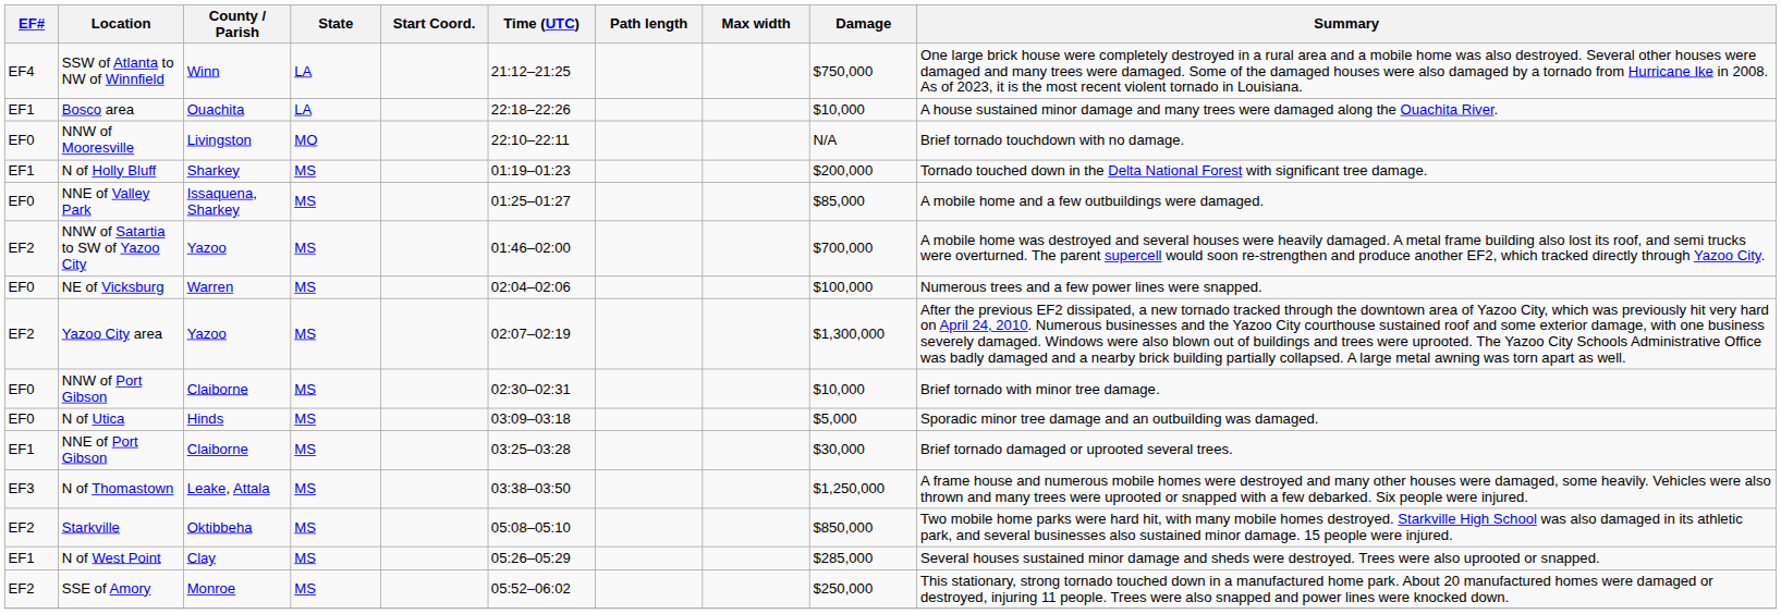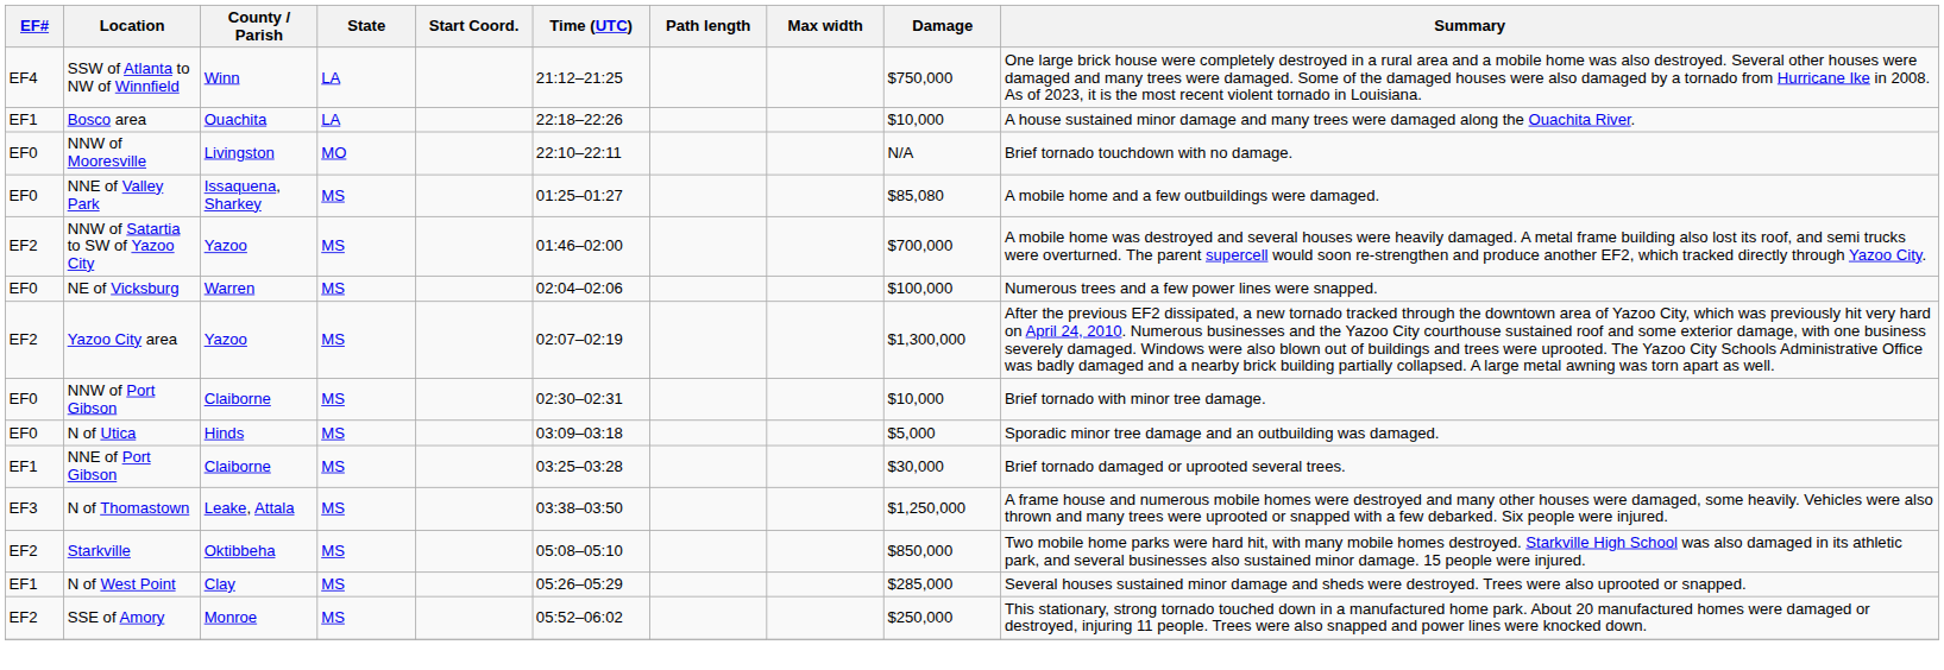 <table class="wikitable sortable" style="width:100%;">
 <tr>
 <th scope="col" width="3%" align="center"><a href='#'>EF#</a></th>
 <th scope="col" width="7%" align="center" class="unsortable">Location</th>
 <th scope="col" width="6%" align="center" class="unsortable">County / Parish</th>
 <th scope="col" width="5%" align="center">State</th>
 <th scope="col" width="6%" align="center">Start Coord.</th>
 <th scope="col" width="6%" align="center">Time (<a href='#'>UTC</a>)</th>
 <th scope="col" width="6%" align="center">Path length</th>
 <th scope="col" width="6%" align="center">Max width</th>
 <th scope="col" width="6%" align="center">Damage</th>
 <th scope="col" width="48%" class="unsortable" align="center">Summary</th>
 </tr>
 <tr>
 <td>EF4</td>
 <td>SSW of <a href='#'>Atlanta</a> to NW of <a href='#'>Winnfield</a></td>
 <td><a href='#'>Winn</a></td>
 <td><a href='#'>LA</a></td>
 <td></td>
 <td>21:12–21:25</td>
 <td></td>
 <td></td>
 <td>$750,000</td>
 <td>One large brick house were completely destroyed in a rural area and a mobile home was also destroyed. Several other houses were damaged and many trees were damaged. Some of the damaged houses were also damaged by a tornado from <a href='#'>Hurricane Ike</a> in 2008. As of 2023, it is the most recent violent tornado in Louisiana.</td>
 </tr>
 <tr>
 <td>EF1</td>
 <td><a href='#'>Bosco</a> area</td>
 <td><a href='#'>Ouachita</a></td>
 <td><a href='#'>LA</a></td>
 <td></td>
 <td>22:18–22:26</td>
 <td></td>
 <td></td>
 <td>$10,000</td>
 <td>A house sustained minor damage and many trees were damaged along the <a href='#'>Ouachita River</a>.</td>
 </tr>
 <tr>
 <td>EF0</td>
 <td>NNW of <a href='#'>Mooresville</a></td>
 <td><a href='#'>Livingston</a></td>
 <td><a href='#'>MO</a></td>
 <td></td>
 <td>22:10–22:11</td>
 <td></td>
 <td></td>
 <td>N/A</td>
 <td>Brief tornado touchdown with no damage.</td>
 </tr>
 <tr>
-<td>EF1</td>
-<td>N of <a href='#'>Holly Bluff</a></td>
-<td><a href='#'>Sharkey</a></td>
-<td><a href='#'>MS</a></td>
-<td></td>
-<td>01:19–01:23</td>
-<td></td>
-<td></td>
-<td>$200,000</td>
-<td>Tornado touched down in the <a href='#'>Delta National Forest</a> with significant tree damage.</td>
-</tr>
-<tr>
 <td>EF0</td>
 <td>NNE of <a href='#'>Valley Park</a></td>
 <td><a href='#'>Issaquena</a>, <a href='#'>Sharkey</a></td>
 <td><a href='#'>MS</a></td>
 <td></td>
 <td>01:25–01:27</td>
 <td></td>
 <td></td>
-<td>$85,000</td>
+<td>$85,080</td>
 <td>A mobile home and a few outbuildings were damaged.</td>
 </tr>
 <tr>
 <td>EF2</td>
 <td>NNW of <a href='#'>Satartia</a> to SW of <a href='#'>Yazoo City</a></td>
 <td><a href='#'>Yazoo</a></td>
 <td><a href='#'>MS</a></td>
 <td></td>
 <td>01:46–02:00</td>
 <td></td>
 <td></td>
 <td>$700,000</td>
 <td>A mobile home was destroyed and several houses were heavily damaged. A metal frame building also lost its roof, and semi trucks were overturned. The parent <a href='#'>supercell</a> would soon re-strengthen and produce another EF2, which tracked directly through <a href='#'>Yazoo City</a>.</td>
 </tr>
 <tr>
 <td>EF0</td>
 <td>NE of <a href='#'>Vicksburg</a></td>
 <td><a href='#'>Warren</a></td>
 <td><a href='#'>MS</a></td>
 <td></td>
 <td>02:04–02:06</td>
 <td></td>
 <td></td>
 <td>$100,000</td>
 <td>Numerous trees and a few power lines were snapped.</td>
 </tr>
 <tr>
 <td>EF2</td>
 <td><a href='#'>Yazoo City</a> area</td>
 <td><a href='#'>Yazoo</a></td>
 <td><a href='#'>MS</a></td>
 <td></td>
 <td>02:07–02:19</td>
 <td></td>
 <td></td>
 <td>$1,300,000</td>
 <td>After the previous EF2 dissipated, a new tornado tracked through the downtown area of Yazoo City, which was previously hit very hard on <a href='#'>April 24, 2010</a>. Numerous businesses and the Yazoo City courthouse sustained roof and some exterior damage, with one business severely damaged. Windows were also blown out of buildings and trees were uprooted. The Yazoo City Schools Administrative Office was badly damaged and a nearby brick building partially collapsed. A large metal awning was torn apart as well.</td>
 </tr>
 <tr>
 <td>EF0</td>
 <td>NNW of <a href='#'>Port Gibson</a></td>
 <td><a href='#'>Claiborne</a></td>
 <td><a href='#'>MS</a></td>
 <td></td>
 <td>02:30–02:31</td>
 <td></td>
 <td></td>
 <td>$10,000</td>
 <td>Brief tornado with minor tree damage.</td>
 </tr>
 <tr>
 <td>EF0</td>
 <td>N of <a href='#'>Utica</a></td>
 <td><a href='#'>Hinds</a></td>
 <td><a href='#'>MS</a></td>
 <td></td>
 <td>03:09–03:18</td>
 <td></td>
 <td></td>
 <td>$5,000</td>
 <td>Sporadic minor tree damage and an outbuilding was damaged.</td>
 </tr>
 <tr>
 <td>EF1</td>
 <td>NNE of <a href='#'>Port Gibson</a></td>
 <td><a href='#'>Claiborne</a></td>
 <td><a href='#'>MS</a></td>
 <td></td>
 <td>03:25–03:28</td>
 <td></td>
 <td></td>
 <td>$30,000</td>
 <td>Brief tornado damaged or uprooted several trees.</td>
 </tr>
 <tr>
 <td>EF3</td>
 <td>N of <a href='#'>Thomastown</a></td>
 <td><a href='#'>Leake</a>, <a href='#'>Attala</a></td>
 <td><a href='#'>MS</a></td>
 <td></td>
 <td>03:38–03:50</td>
 <td></td>
 <td></td>
 <td>$1,250,000</td>
 <td>A frame house and numerous mobile homes were destroyed and many other houses were damaged, some heavily. Vehicles were also thrown and many trees were uprooted or snapped with a few debarked. Six people were injured.</td>
 </tr>
 <tr>
 <td>EF2</td>
 <td><a href='#'>Starkville</a></td>
 <td><a href='#'>Oktibbeha</a></td>
 <td><a href='#'>MS</a></td>
 <td></td>
 <td>05:08–05:10</td>
 <td></td>
 <td></td>
 <td>$850,000</td>
 <td>Two mobile home parks were hard hit, with many mobile homes destroyed. <a href='#'>Starkville High School</a> was also damaged in its athletic park, and several businesses also sustained minor damage. 15 people were injured.</td>
 </tr>
 <tr>
 <td>EF1</td>
 <td>N of <a href='#'>West Point</a></td>
 <td><a href='#'>Clay</a></td>
 <td><a href='#'>MS</a></td>
 <td></td>
 <td>05:26–05:29</td>
 <td></td>
 <td></td>
 <td>$285,000</td>
 <td>Several houses sustained minor damage and sheds were destroyed. Trees were also uprooted or snapped.</td>
 </tr>
 <tr>
 <td>EF2</td>
 <td>SSE of <a href='#'>Amory</a></td>
 <td><a href='#'>Monroe</a></td>
 <td><a href='#'>MS</a></td>
 <td></td>
 <td>05:52–06:02</td>
 <td></td>
 <td></td>
 <td>$250,000</td>
 <td>This stationary, strong tornado touched down in a manufactured home park. About 20 manufactured homes were damaged or destroyed, injuring 11 people. Trees were also snapped and power lines were knocked down.</td>
 </tr>
 <tr>
 </tr>
 </table>
